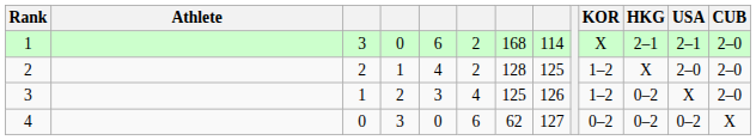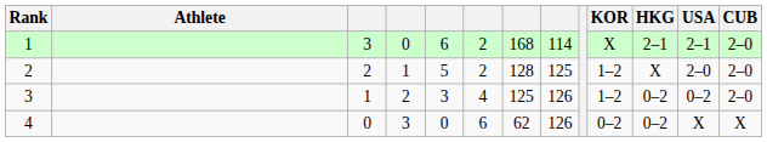 <table class="wikitable" style="text-align:center">
 <tr>
 <th>Rank</th>
 <th width=280>Athlete</th>
 <th width=30></th>
 <th width=30></th>
 <th width=30></th>
 <th width=30></th>
 <th width=30></th>
 <th width=30></th>
 <th rowspan=5></th>
 <th width=30>KOR</th>
 <th width=30>HKG</th>
 <th width=30>USA</th>
 <th width=30>CUB</th>
 </tr>
 <tr style="background-color:#ccffcc;">
 <td>1</td>
 <td align=left></td>
 <td>3</td>
 <td>0</td>
 <td>6</td>
 <td>2</td>
 <td>168</td>
 <td>114</td>
 <td>X</td>
 <td>2–1</td>
 <td>2–1</td>
 <td>2–0</td>
 </tr>
 <tr>
 <td>2</td>
 <td align=left></td>
 <td>2</td>
 <td>1</td>
-<td>4</td>
+<td>5</td>
 <td>2</td>
 <td>128</td>
 <td>125</td>
 <td>1–2</td>
 <td>X</td>
 <td>2–0</td>
 <td>2–0</td>
 </tr>
 <tr>
 <td>3</td>
 <td align=left></td>
 <td>1</td>
 <td>2</td>
 <td>3</td>
 <td>4</td>
 <td>125</td>
 <td>126</td>
 <td>1–2</td>
 <td>0–2</td>
-<td>X</td>
+<td>0–2</td>
 <td>2–0</td>
 </tr>
 <tr>
 <td>4</td>
 <td align=left></td>
 <td>0</td>
 <td>3</td>
 <td>0</td>
 <td>6</td>
 <td>62</td>
-<td>127</td>
-<td>0–2</td>
+<td>126</td>
 <td>0–2</td>
 <td>0–2</td>
 <td>X</td>
+<td>X</td>
 </tr>
 </table>
